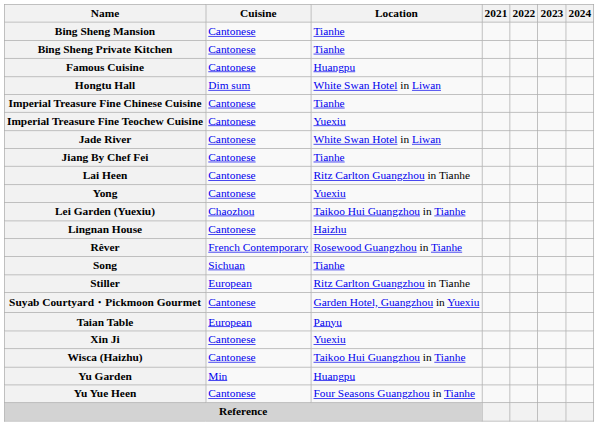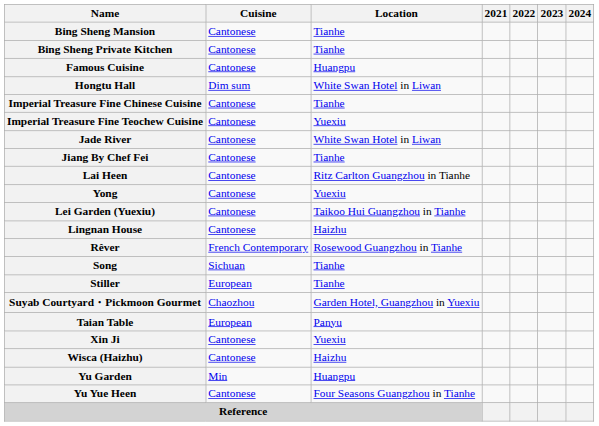 <table class="wikitable sortable plainrowheaders" style="text-align:left;"">
 <tr>
 <th scope="col">Name</th>
 <th scope="col">Cuisine</th>
 <th scope="col">Location</th>
 <th scope="col">2021</th>
 <th scope="col">2022</th>
 <th scope="col">2023</th>
 <th scope="col">2024</th>
 </tr>
 <tr>
 <th scope="row">Bing Sheng Mansion </th>
 <td><a href='#'>Cantonese</a></td>
 <td><a href='#'>Tianhe</a></td>
 <td></td>
 <td></td>
 <td></td>
 <td></td>
 </tr>
 <tr>
 <th scope="row">Bing Sheng Private Kitchen </th>
 <td><a href='#'>Cantonese</a></td>
 <td><a href='#'>Tianhe</a></td>
 <td></td>
 <td></td>
 <td></td>
 <td></td>
 </tr>
 <tr>
 <th scope="row">Famous Cuisine </th>
 <td><a href='#'>Cantonese</a></td>
 <td><a href='#'>Huangpu</a></td>
 <td></td>
 <td></td>
 <td></td>
 <td></td>
 </tr>
 <tr>
 <th scope="row">Hongtu Hall </th>
 <td><a href='#'>Dim sum</a></td>
 <td><a href='#'>White Swan Hotel</a> in <a href='#'>Liwan</a></td>
 <td></td>
 <td></td>
 <td></td>
 <td></td>
 </tr>
 <tr>
 <th scope="row">Imperial Treasure Fine Chinese Cuisine </th>
 <td><a href='#'>Cantonese</a></td>
 <td><a href='#'>Tianhe</a></td>
 <td></td>
 <td></td>
 <td></td>
 <td></td>
 </tr>
 <tr>
 <th scope="row">Imperial Treasure Fine Teochew Cuisine </th>
 <td><a href='#'>Cantonese</a></td>
 <td><a href='#'>Yuexiu</a></td>
 <td></td>
 <td></td>
 <td></td>
 <td></td>
 </tr>
 <tr>
 <th scope="row">Jade River </th>
 <td><a href='#'>Cantonese</a></td>
 <td><a href='#'>White Swan Hotel</a> in <a href='#'>Liwan</a></td>
 <td></td>
 <td></td>
 <td></td>
 <td></td>
 </tr>
 <tr>
 <th scope="row">Jiang By Chef Fei </th>
 <td><a href='#'>Cantonese</a></td>
 <td><a href='#'>Tianhe</a></td>
 <td></td>
 <td></td>
 <td></td>
 <td></td>
 </tr>
 <tr>
 <th scope="row">Lai Heen </th>
 <td><a href='#'>Cantonese</a></td>
 <td><a href='#'>Ritz Carlton Guangzhou</a> in Tianhe</td>
 <td></td>
 <td></td>
 <td></td>
 <td></td>
 </tr>
 <tr>
 <th scope="row">Yong </th>
 <td><a href='#'>Cantonese</a></td>
 <td><a href='#'>Yuexiu</a></td>
 <td></td>
 <td></td>
 <td></td>
 <td></td>
 </tr>
 <tr>
 <th scope="row">Lei Garden (Yuexiu) </th>
-<td><a href='#'>Chaozhou</a></td>
+<td><a href='#'>Cantonese</a></td>
 <td><a href='#'>Taikoo Hui Guangzhou</a> in <a href='#'>Tianhe</a></td>
 <td></td>
 <td></td>
 <td></td>
 <td></td>
 </tr>
 <tr>
 <th scope="row">Lingnan House </th>
 <td><a href='#'>Cantonese</a></td>
 <td><a href='#'>Haizhu</a></td>
 <td></td>
 <td></td>
 <td></td>
 <td></td>
 </tr>
 <tr>
 <th scope="row">Rêver </th>
 <td><a href='#'>French Contemporary</a></td>
 <td><a href='#'>Rosewood Guangzhou</a> in <a href='#'>Tianhe</a></td>
 <td></td>
 <td></td>
 <td></td>
 <td></td>
 </tr>
 <tr>
 <th scope="row">Song </th>
 <td><a href='#'>Sichuan</a></td>
 <td><a href='#'>Tianhe</a></td>
 <td></td>
 <td></td>
 <td></td>
 <td></td>
 </tr>
 <tr>
 <th scope="row">Stiller </th>
 <td><a href='#'>European</a></td>
-<td><a href='#'>Ritz Carlton Guangzhou</a> in Tianhe</td>
+<td><a href='#'>Tianhe</a></td>
 <td></td>
 <td></td>
 <td></td>
 <td></td>
 </tr>
 <tr>
 <th scope="row">Suyab Courtyard・Pickmoon Gourmet </th>
-<td><a href='#'>Cantonese</a></td>
+<td><a href='#'>Chaozhou</a></td>
 <td><a href='#'>Garden Hotel, Guangzhou</a> in <a href='#'>Yuexiu</a></td>
 <td></td>
 <td></td>
 <td></td>
 <td></td>
 </tr>
 <tr>
 <th scope="row">Taian Table </th>
 <td><a href='#'>European</a></td>
 <td><a href='#'>Panyu</a></td>
 <td></td>
 <td></td>
 <td></td>
 <td></td>
 </tr>
 <tr>
 <th scope="row">Xin Ji </th>
 <td><a href='#'>Cantonese</a></td>
 <td><a href='#'>Yuexiu</a></td>
 <td></td>
 <td></td>
 <td></td>
 <td></td>
 </tr>
 <tr>
 <th scope="row">Wisca (Haizhu) </th>
 <td><a href='#'>Cantonese</a></td>
-<td><a href='#'>Taikoo Hui Guangzhou</a> in <a href='#'>Tianhe</a></td>
+<td><a href='#'>Haizhu</a></td>
 <td></td>
 <td></td>
 <td></td>
 <td></td>
 </tr>
 <tr>
 <th scope="row">Yu Garden </th>
 <td><a href='#'>Min</a></td>
 <td><a href='#'>Huangpu</a></td>
 <td></td>
 <td></td>
 <td></td>
 <td></td>
 </tr>
 <tr>
 <th scope="row">Yu Yue Heen </th>
 <td><a href='#'>Cantonese</a></td>
 <td><a href='#'>Four Seasons Guangzhou</a> in <a href='#'>Tianhe</a></td>
 <td></td>
 <td></td>
 <td></td>
 <td></td>
 </tr>
 <tr>
 <th colspan="3" style="text-align: center;background: lightgray;">Reference</th>
 <th></th>
 <th></th>
 <th></th>
 <th></th>
 </tr>
 </table>
